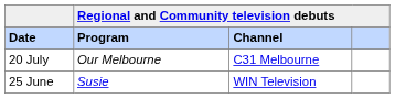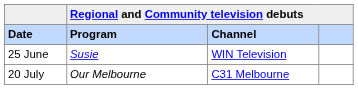 <table border="1" cellpadding="4" cellspacing="0" style="text-align:left; font-size:89%; border-collapse:collapse;" width=70%>
 <tr style="background-color:#efefef;">
 <td colspan=1></td>
 <td colspan=3><strong><a href='#'>Regional</a> and <a href='#'>Community television</a> debuts</strong></td>
 </tr>
 <tr style="background:#C1D8FF;">
 <th width=6%>Date</th>
 <th width=16%>Program</th>
 <th width=10%>Channel</th>
 <th width=4%></th>
 </tr>
 <tr>
+<td>25 June</td>
+<td><em><a href='#'>Susie</a></em></td>
+<td><a href='#'>WIN Television</a></td>
+<td></td>
+</tr>
+<tr>
 <td>20 July</td>
 <td><em>Our Melbourne</em></td>
 <td><a href='#'>C31 Melbourne</a></td>
 <td></td>
 </tr>
-<tr>
-<td>25 June</td>
-<td><em><a href='#'>Susie</a></em></td>
-<td><a href='#'>WIN Television</a></td>
-<td></td>
-</tr>
 </table>
